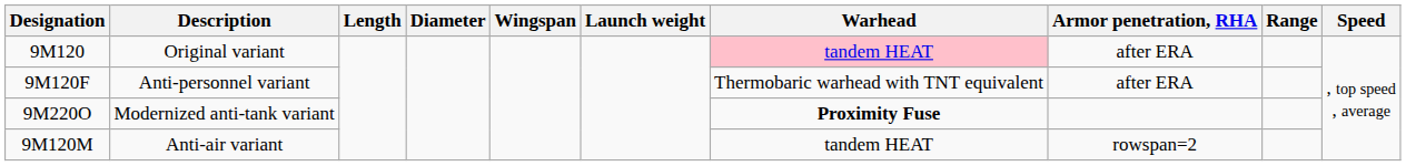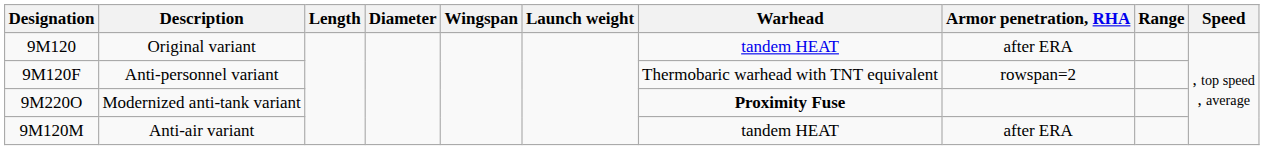 <table class="wikitable" style="text-align:center; font-size:95%">
 <tr>
 <th>Designation</th>
 <th>Description</th>
 <th>Length</th>
 <th>Diameter</th>
 <th>Wingspan</th>
 <th>Launch weight</th>
 <th>Warhead</th>
 <th>Armor penetration, <a href='#'>RHA</a></th>
 <th>Range</th>
 <th>Speed</th>
 </tr>
 <tr>
 <td>9M120</td>
 <td>Original variant</td>
 <td rowspan=4></td>
 <td rowspan=4></td>
 <td rowspan=4></td>
 <td rowspan=4></td>
-<td style="background: pink;"> <a href='#'>tandem HEAT</a></td>
+<td> <a href='#'>tandem HEAT</a></td>
 <td> after ERA</td>
 <td></td>
 <td rowspan=4>, <small>top speed</small><br>, <small>average</small></td>
 </tr>
 <tr>
 <td>9M120F</td>
 <td>Anti-personnel variant</td>
 <td>Thermobaric warhead with  TNT equivalent</td>
-<td> after ERA</td>
+<td>rowspan=2 </td>
 <td></td>
 </tr>
 <tr>
 <td>9M220O</td>
 <td>Modernized anti-tank variant</td>
 <td><strong>Proximity Fuse</strong></td>
 <td></td>
 </tr>
 <tr>
 <td>9M120M</td>
 <td>Anti-air variant</td>
 <td> tandem HEAT</td>
-<td>rowspan=2 </td>
+<td> after ERA</td>
 <td></td>
 </tr>
 </table>
